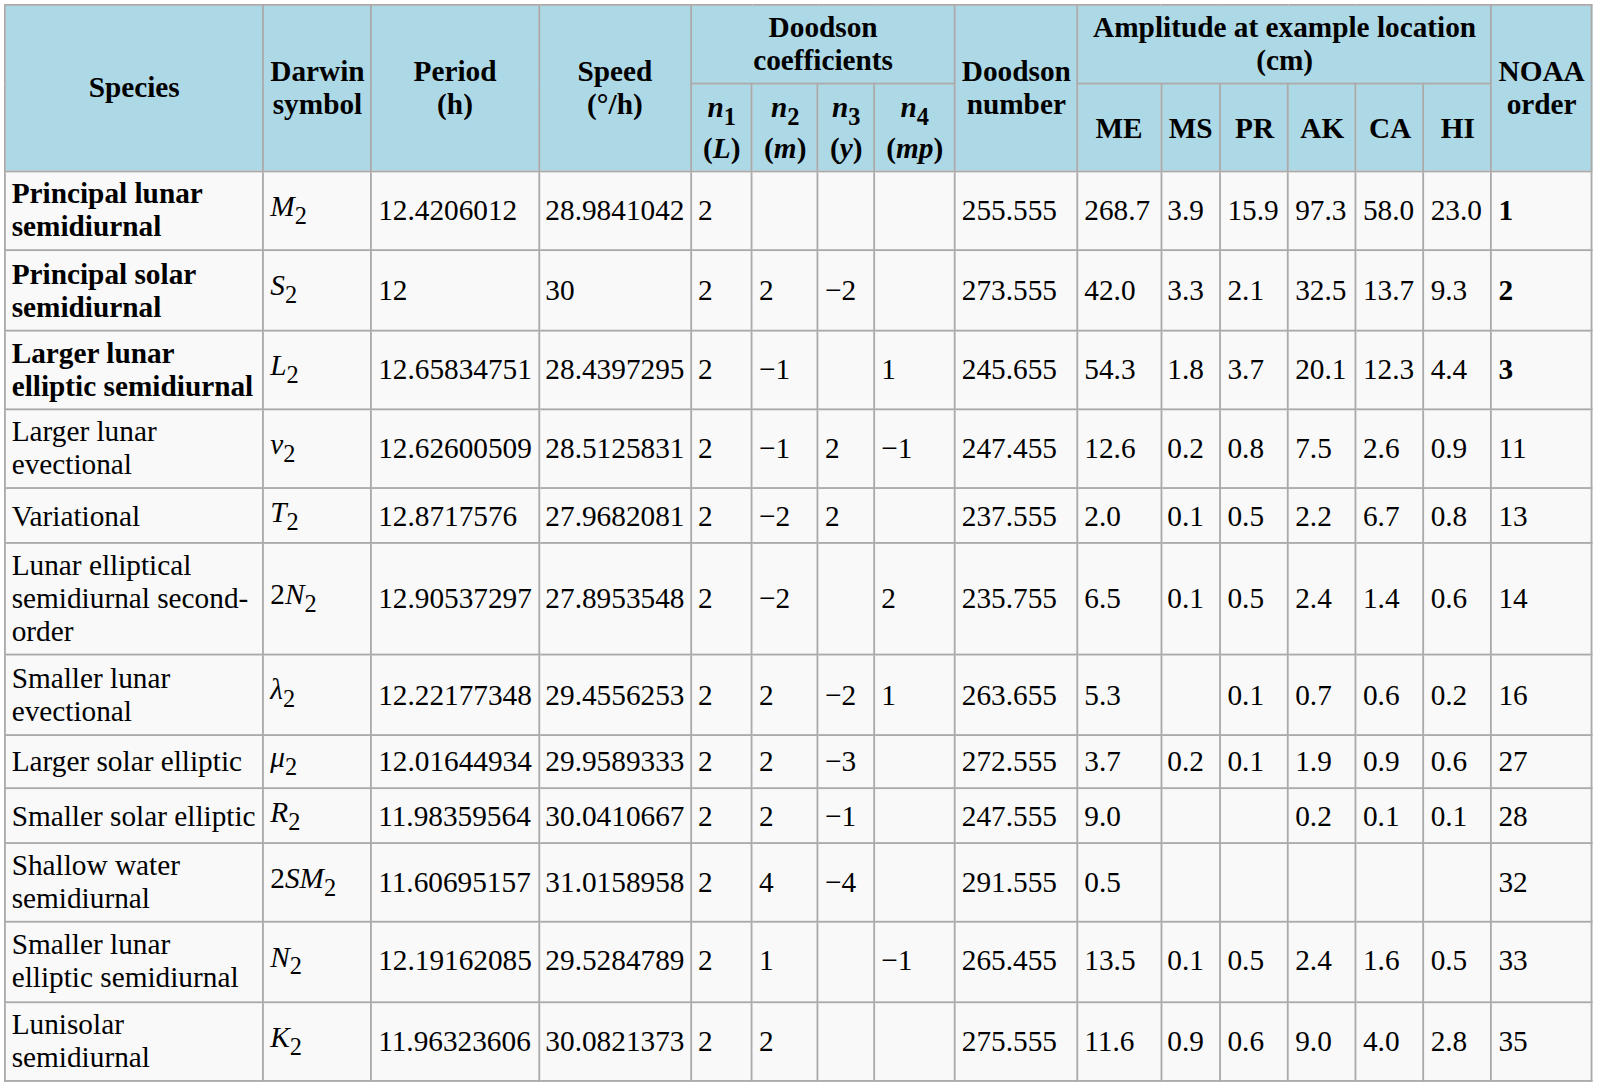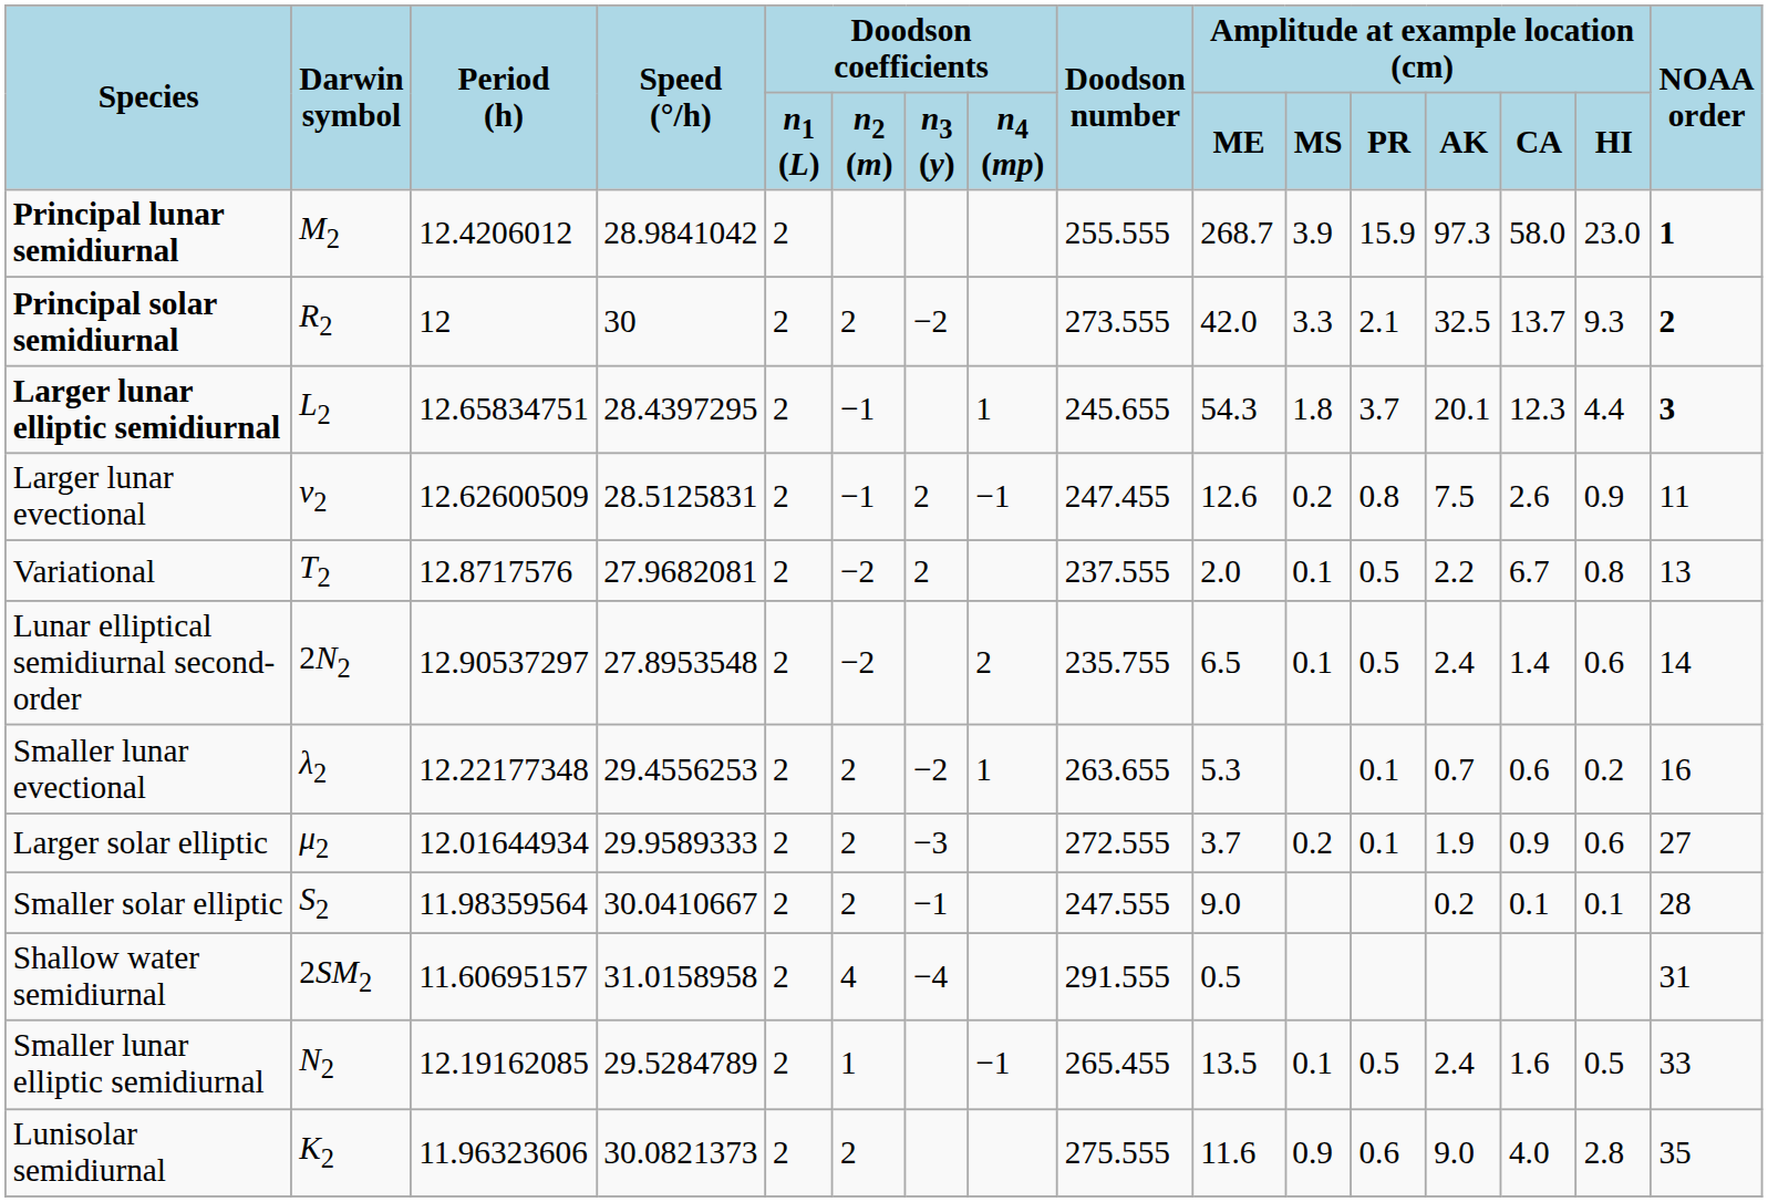 <table class="wikitable" border:1; cellpadding:0; cellspacing:0; style="vertical-align:top; align:left">
 <tr>
 <th rowspan="2" style="background-color:lightblue;">Species</th>
 <th rowspan="2" style="background-color:lightblue;">Darwin <br>symbol</th>
 <th rowspan="2" style="background-color:lightblue;">Period <br>(h)</th>
 <th rowspan="2" style="background-color:lightblue;">Speed <br>(°/h)</th>
 <th colspan="4" style="background-color:lightblue;">Doodson coefficients</th>
 <th rowspan="2" style="background-color:lightblue;">Doodson <br>number</th>
 <th colspan="6" style="background-color:lightblue;">Amplitude at example location (cm)</th>
 <th rowspan="2" style="background-color:lightblue;">NOAA <br>order</th>
 </tr>
 <tr>
 <th style="background-color:lightblue;"><em>n</em><sub>1</sub> (<em>L</em>)</th>
 <th style="background-color:lightblue;"><em>n</em><sub>2</sub> (<em>m</em>)</th>
 <th style="background-color:lightblue;"><em>n</em><sub>3</sub> (<em>y</em>)</th>
 <th style="background-color:lightblue;"><em>n</em><sub>4</sub> (<em>mp</em>)</th>
 <th style="background-color:lightblue;">ME</th>
 <th style="background-color:lightblue;">MS</th>
 <th style="background-color:lightblue;">PR</th>
 <th style="background-color:lightblue;">AK</th>
 <th style="background-color:lightblue;">CA</th>
 <th style="background-color:lightblue;">HI</th>
 </tr>
 <tr>
 <td><strong>Principal lunar semidiurnal </strong></td>
 <td><em>M</em><sub>2</sub></td>
 <td>12.4206012</td>
 <td>28.9841042</td>
 <td>2</td>
 <td></td>
 <td></td>
 <td></td>
 <td>255.555</td>
 <td>268.7</td>
 <td>3.9</td>
 <td>15.9</td>
 <td>97.3</td>
 <td>58.0</td>
 <td>23.0</td>
 <td><strong>1</strong></td>
 </tr>
 <tr>
 <td><strong>Principal solar semidiurnal </strong></td>
-<td><em>S</em><sub>2</sub></td>
+<td><em>R</em><sub>2</sub></td>
 <td>12</td>
 <td>30</td>
 <td>2</td>
 <td>2</td>
 <td>−2</td>
 <td></td>
 <td>273.555</td>
 <td>42.0</td>
 <td>3.3</td>
 <td>2.1</td>
 <td>32.5</td>
 <td>13.7</td>
 <td>9.3</td>
 <td><strong>2</strong></td>
 </tr>
 <tr>
 <td><strong>Larger lunar elliptic semidiurnal</strong></td>
 <td><em>L</em><sub>2</sub></td>
 <td>12.65834751</td>
 <td>28.4397295</td>
 <td>2</td>
 <td>−1</td>
 <td></td>
 <td>1</td>
 <td>245.655</td>
 <td>54.3</td>
 <td>1.8</td>
 <td>3.7</td>
 <td>20.1</td>
 <td>12.3</td>
 <td>4.4</td>
 <td><strong>3</strong></td>
 </tr>
 <tr>
 <td>Larger lunar evectional</td>
 <td><em>ν</em><sub>2</sub></td>
 <td>12.62600509</td>
 <td>28.5125831</td>
 <td>2</td>
 <td>−1</td>
 <td>2</td>
 <td>−1</td>
 <td>247.455</td>
 <td>12.6</td>
 <td>0.2</td>
 <td>0.8</td>
 <td>7.5</td>
 <td>2.6</td>
 <td>0.9</td>
 <td>11</td>
 </tr>
 <tr>
 <td>Variational</td>
 <td><em>T</em><sub>2</sub></td>
 <td>12.8717576</td>
 <td>27.9682081</td>
 <td>2</td>
 <td>−2</td>
 <td>2</td>
 <td></td>
 <td>237.555</td>
 <td>2.0</td>
 <td>0.1</td>
 <td>0.5</td>
 <td>2.2</td>
 <td>6.7</td>
 <td>0.8</td>
 <td>13</td>
 </tr>
 <tr>
 <td>Lunar elliptical semidiurnal second-order</td>
 <td>2<em>N</em><sub>2</sub></td>
 <td>12.90537297</td>
 <td>27.8953548</td>
 <td>2</td>
 <td>−2</td>
 <td></td>
 <td>2</td>
 <td>235.755</td>
 <td>6.5</td>
 <td>0.1</td>
 <td>0.5</td>
 <td>2.4</td>
 <td>1.4</td>
 <td>0.6</td>
 <td>14</td>
 </tr>
 <tr>
 <td>Smaller lunar evectional</td>
 <td><em>λ</em><sub>2</sub></td>
 <td>12.22177348</td>
 <td>29.4556253</td>
 <td>2</td>
 <td>2</td>
 <td>−2</td>
 <td>1</td>
 <td>263.655</td>
 <td>5.3</td>
 <td></td>
 <td>0.1</td>
 <td>0.7</td>
 <td>0.6</td>
 <td>0.2</td>
 <td>16</td>
 </tr>
 <tr>
 <td>Larger solar elliptic</td>
 <td><em>μ</em><sub>2</sub></td>
 <td>12.01644934</td>
 <td>29.9589333</td>
 <td>2</td>
 <td>2</td>
 <td>−3</td>
 <td></td>
 <td>272.555</td>
 <td>3.7</td>
 <td>0.2</td>
 <td>0.1</td>
 <td>1.9</td>
 <td>0.9</td>
 <td>0.6</td>
 <td>27</td>
 </tr>
 <tr>
 <td>Smaller solar elliptic</td>
-<td><em>R</em><sub>2</sub></td>
+<td><em>S</em><sub>2</sub></td>
 <td>11.98359564</td>
 <td>30.0410667</td>
 <td>2</td>
 <td>2</td>
 <td>−1</td>
 <td></td>
 <td>247.555</td>
 <td>9.0</td>
 <td></td>
 <td></td>
 <td>0.2</td>
 <td>0.1</td>
 <td>0.1</td>
 <td>28</td>
 </tr>
 <tr>
 <td>Shallow water semidiurnal</td>
 <td>2<em>SM</em><sub>2</sub></td>
 <td>11.60695157</td>
 <td>31.0158958</td>
 <td>2</td>
 <td>4</td>
 <td>−4</td>
 <td></td>
 <td>291.555</td>
 <td>0.5</td>
 <td></td>
 <td></td>
 <td></td>
 <td></td>
 <td></td>
-<td>32</td>
+<td>31</td>
 </tr>
 <tr>
 <td>Smaller lunar elliptic semidiurnal</td>
 <td><em>N</em><sub>2</sub></td>
 <td>12.19162085</td>
 <td>29.5284789</td>
 <td>2</td>
 <td>1</td>
 <td></td>
 <td>−1</td>
 <td>265.455</td>
 <td>13.5</td>
 <td>0.1</td>
 <td>0.5</td>
 <td>2.4</td>
 <td>1.6</td>
 <td>0.5</td>
 <td>33</td>
 </tr>
 <tr>
 <td>Lunisolar semidiurnal</td>
 <td><em>K</em><sub>2</sub></td>
 <td>11.96323606</td>
 <td>30.0821373</td>
 <td>2</td>
 <td>2</td>
 <td></td>
 <td></td>
 <td>275.555</td>
 <td>11.6</td>
 <td>0.9</td>
 <td>0.6</td>
 <td>9.0</td>
 <td>4.0</td>
 <td>2.8</td>
 <td>35</td>
 </tr>
 </table>
